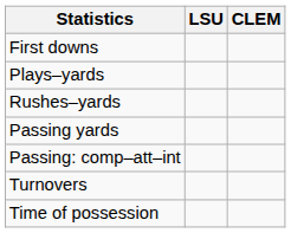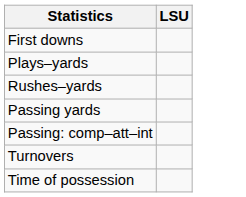 <table class="wikitable" style="float:left">
 <tr>
 <th>Statistics</th>
 <th>LSU</th>
-<th>CLEM</th>
 </tr>
 <tr>
 <td>First downs</td>
-<td></td>
 <td></td>
 </tr>
 <tr>
 <td>Plays–yards</td>
 <td></td>
-<td></td>
 </tr>
 <tr>
 <td>Rushes–yards</td>
-<td></td>
 <td></td>
 </tr>
 <tr>
 <td>Passing yards</td>
 <td></td>
-<td></td>
 </tr>
 <tr>
 <td>Passing: comp–att–int</td>
-<td></td>
 <td></td>
 </tr>
 <tr>
 <td>Turnovers</td>
 <td></td>
-<td></td>
 </tr>
 <tr>
 <td>Time of possession</td>
 <td></td>
-<td></td>
 </tr>
 </table>
